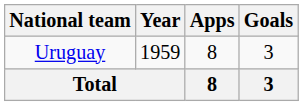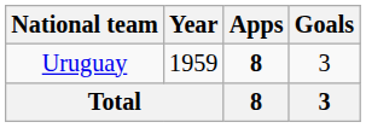 <table class="wikitable" style="text-align:center">
 <tr>
 <th>National team</th>
 <th>Year</th>
 <th>Apps</th>
 <th>Goals</th>
 </tr>
 <tr>
 <td rowspan="1"><a href='#'>Uruguay</a></td>
 <td>1959</td>
-<td>8</td>
+<td><strong>8</strong></td>
 <td>3</td>
 </tr>
 <tr>
 <th colspan="2">Total</th>
 <th>8</th>
 <th>3</th>
 </tr>
 </table>
